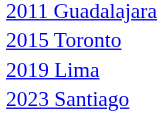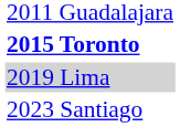 <table>
 <tr>
 <td><a href='#'>2011 Guadalajara</a><br></td>
 <td></td>
 <td></td>
 <td></td>
 </tr>
 <tr>
-<td><a href='#'>2015 Toronto</a><br></td>
+<td><strong><a href='#'>2015 Toronto</a><br></strong></td>
 <td></td>
 <td></td>
 <td></td>
 </tr>
 <tr>
-<td><a href='#'>2019 Lima</a><br></td>
+<td style="background: lightgrey;"><a href='#'>2019 Lima</a><br></td>
 <td></td>
 <td></td>
 <td></td>
 </tr>
 <tr>
 <td><a href='#'>2023 Santiago</a><br></td>
 <td></td>
 <td></td>
 <td></td>
 </tr>
 </table>
